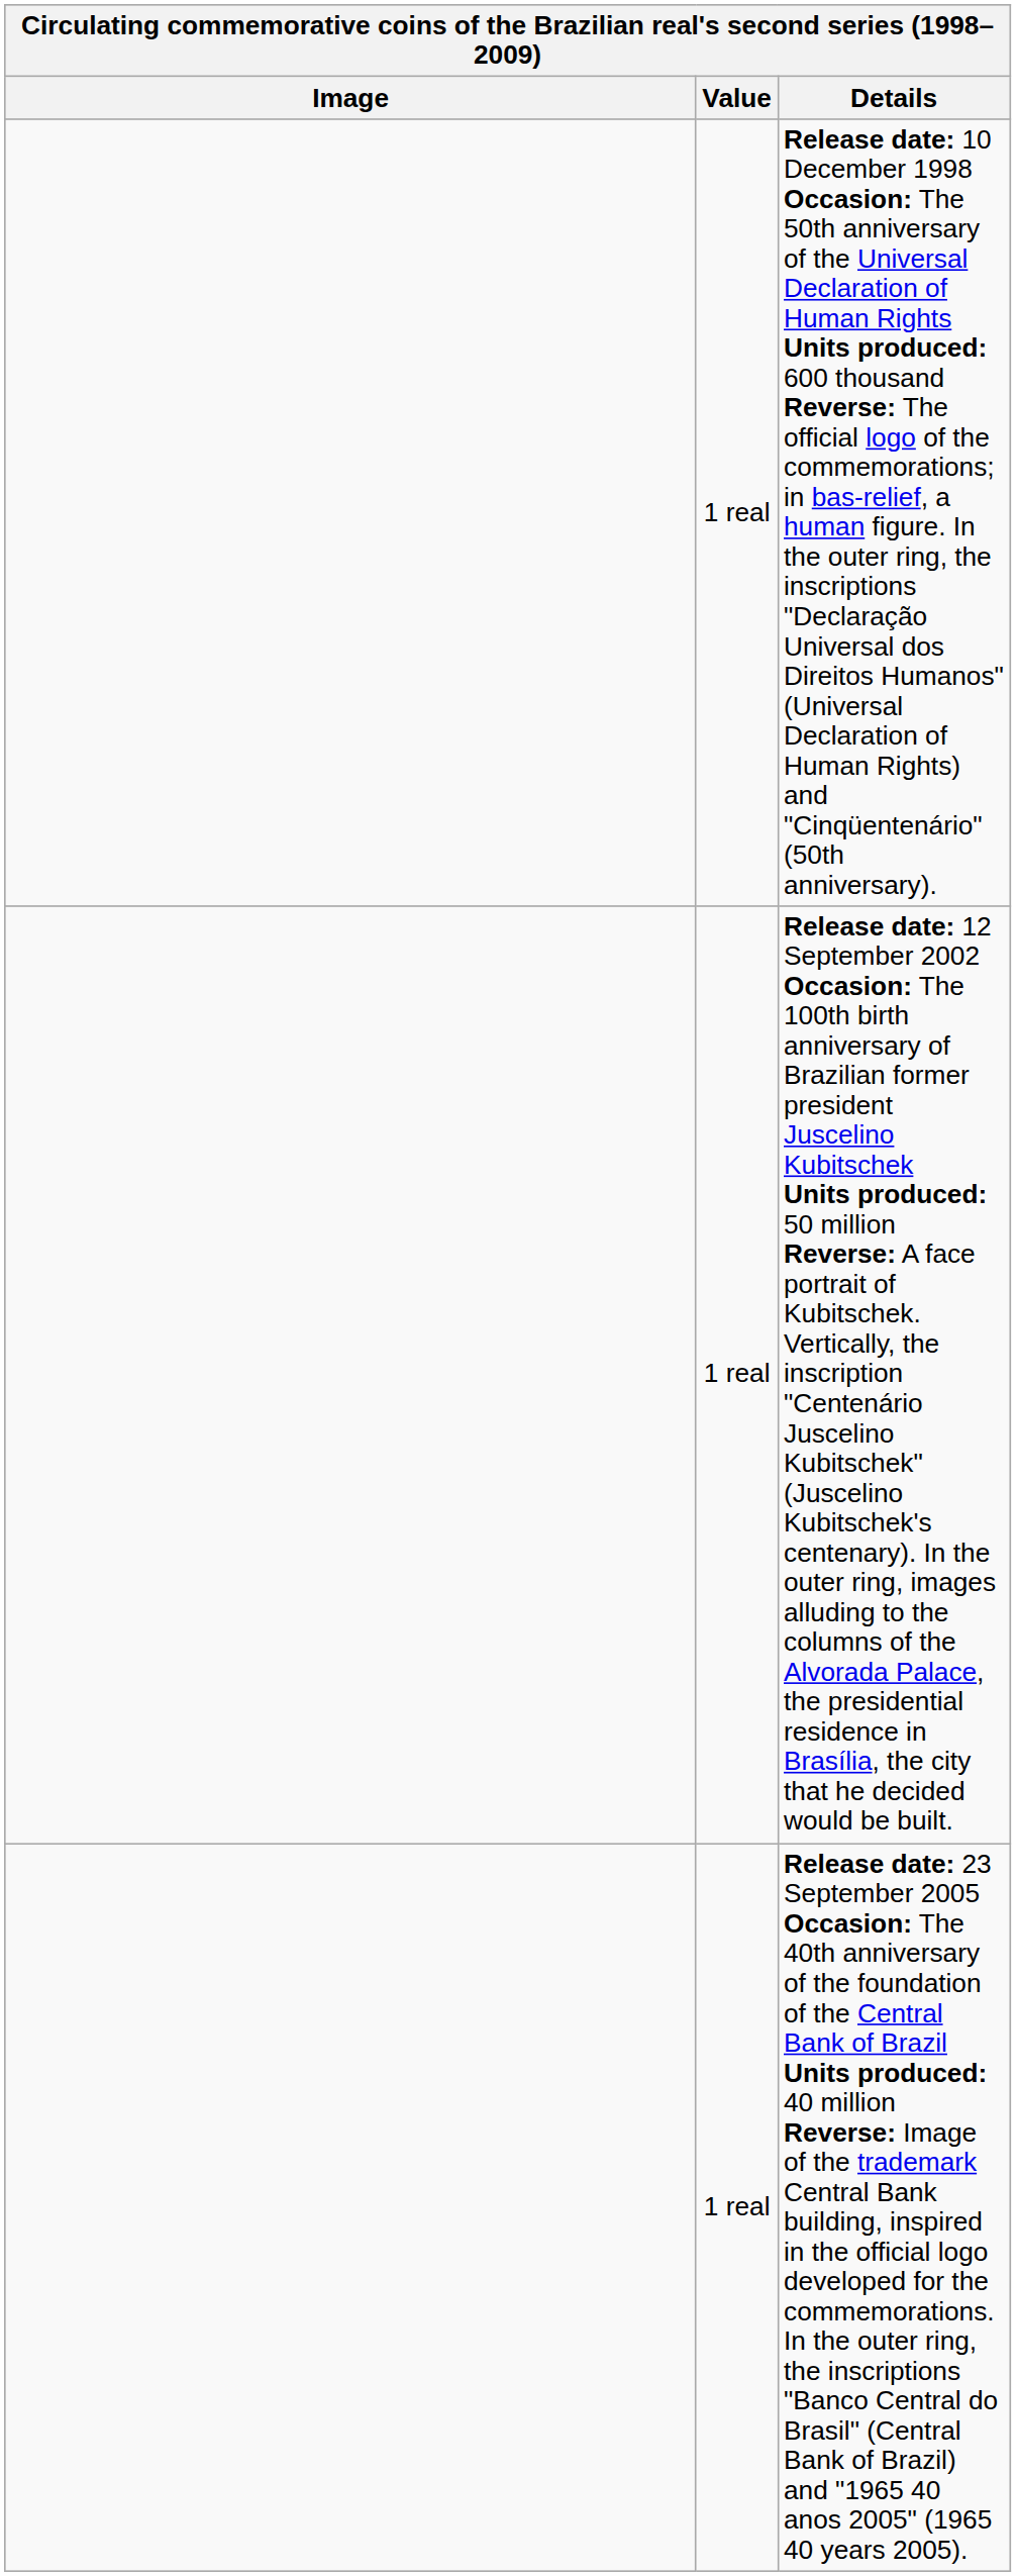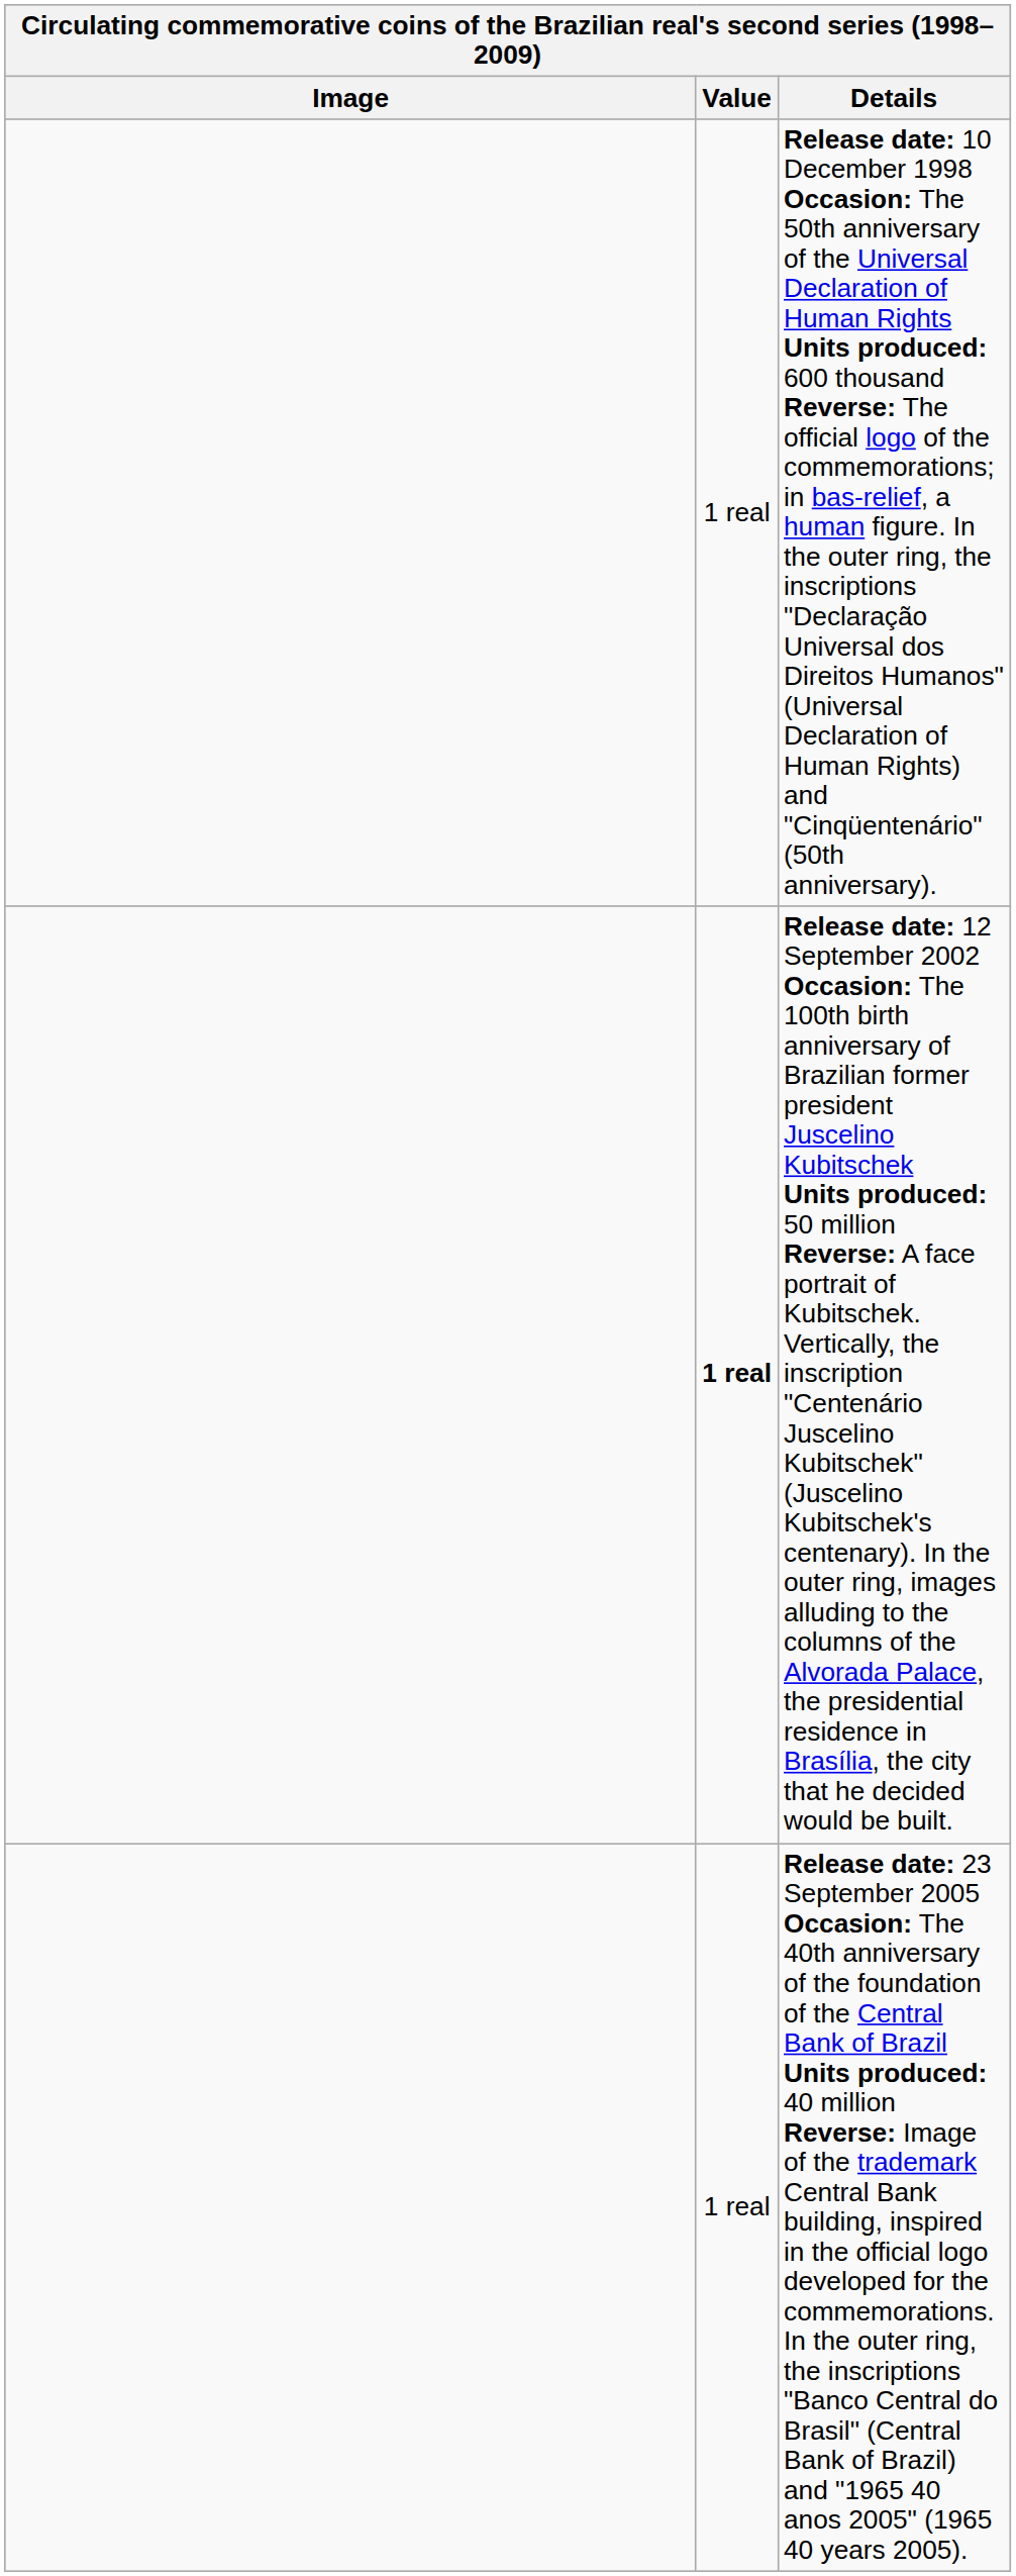 <table border="1" class="wikitable mw-collapsible mw-collapsed">
 <tr>
 <th colspan="3">Circulating commemorative coins of the Brazilian real's second series (1998–2009)</th>
 </tr>
 <tr ---->
 <th align="Center" width="410px">Image</th>
 <th align="Center">Value</th>
 <th align="Center">Details</th>
 </tr>
 <tr ---->
 <td></td>
 <td align="Center">1 real</td>
 <td><strong>Release date:</strong> 10 December 1998<br><strong>Occasion:</strong> The 50th anniversary of the <a href='#'>Universal Declaration of Human Rights</a><br><strong>Units produced:</strong> 600 thousand<br><strong>Reverse:</strong> The official <a href='#'>logo</a> of the commemorations; in <a href='#'>bas-relief</a>, a <a href='#'>human</a> figure. In the outer ring, the inscriptions "Declaração Universal dos Direitos Humanos" (Universal Declaration of Human Rights) and "Cinqüentenário" (50th anniversary).</td>
 </tr>
 <tr ---->
 <td></td>
-<td align="Center">1 real</td>
+<td align="Center"><strong>1 real</strong></td>
 <td><strong>Release date:</strong> 12 September 2002<br><strong>Occasion:</strong> The 100th birth anniversary of Brazilian former president <a href='#'>Juscelino Kubitschek</a><br><strong>Units produced:</strong> 50 million<br><strong>Reverse:</strong> A face portrait of Kubitschek. Vertically, the inscription "Centenário Juscelino Kubitschek" (Juscelino Kubitschek's centenary). In the outer ring, images alluding to the columns of the <a href='#'>Alvorada Palace</a>, the presidential residence in <a href='#'>Brasília</a>, the city that he decided would be built.</td>
 </tr>
 <tr ---->
 <td></td>
 <td align="Center">1 real</td>
 <td><strong>Release date:</strong> 23 September 2005<br><strong>Occasion:</strong> The 40th anniversary of the foundation of the <a href='#'>Central Bank of Brazil</a><br><strong>Units produced:</strong> 40 million<br><strong>Reverse:</strong> Image of the <a href='#'>trademark</a> Central Bank building, inspired in the official logo developed for the commemorations. In the outer ring, the inscriptions "Banco Central do Brasil" (Central Bank of Brazil) and "1965 40 anos 2005" (1965 40 years 2005).</td>
 </tr>
 </table>
